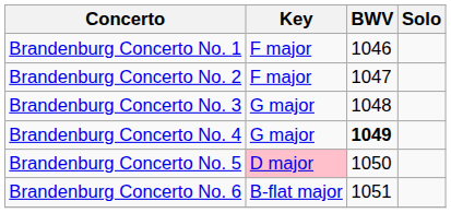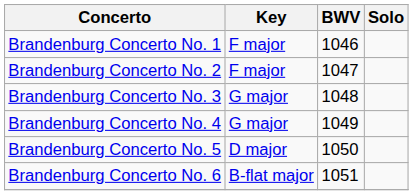 <table class="wikitable">
 <tr>
 <th>Concerto</th>
 <th>Key</th>
 <th>BWV</th>
 <th>Solo</th>
 </tr>
 <tr>
 <td><a href='#'>Brandenburg Concerto No. 1</a></td>
 <td><a href='#'>F major</a></td>
 <td>1046</td>
 <td></td>
 </tr>
 <tr>
 <td><a href='#'>Brandenburg Concerto No. 2</a></td>
 <td><a href='#'>F major</a></td>
 <td>1047</td>
 <td></td>
 </tr>
 <tr>
 <td><a href='#'>Brandenburg Concerto No. 3</a></td>
 <td><a href='#'>G major</a></td>
 <td>1048</td>
 <td></td>
 </tr>
 <tr>
 <td><a href='#'>Brandenburg Concerto No. 4</a></td>
 <td><a href='#'>G major</a></td>
-<td><strong>1049</strong></td>
+<td>1049</td>
 <td></td>
 </tr>
 <tr>
 <td><a href='#'>Brandenburg Concerto No. 5</a></td>
-<td style="background: pink;"><a href='#'>D major</a></td>
+<td><a href='#'>D major</a></td>
 <td>1050</td>
 <td></td>
 </tr>
 <tr>
 <td><a href='#'>Brandenburg Concerto No. 6</a></td>
 <td><a href='#'>B-flat major</a></td>
 <td>1051</td>
 <td></td>
 </tr>
 <tr>
 </tr>
 </table>
